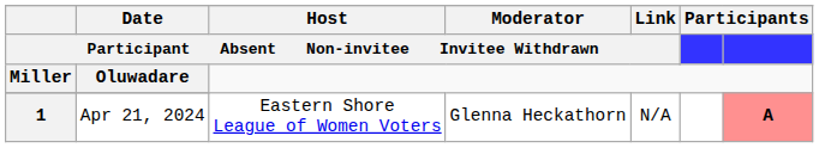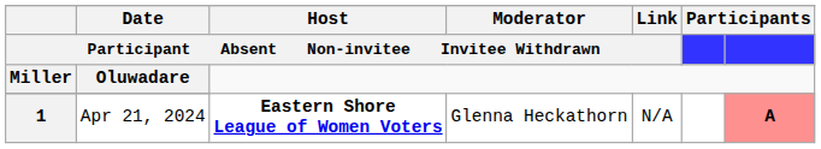 <table class="wikitable mw-collapsible" style="text-align:center;">
 <tr>
 </tr>
 <tr style="font-size:small;">
 <th scope="col"></th>
 <th scope="col">Date</th>
 <th scope="col">Host</th>
 <th scope="col">Moderator</th>
 <th scope="col">Link</th>
 <th scope="col" colspan="2">Participants</th>
 </tr>
 <tr>
 <th colspan="5" rowspan="2"> <small>Participant  </small> <small>Absent  </small> <small>Non-invitee  </small> <small>Invitee Withdrawn</small></th>
 <th scope="col" style="background:#3333FF;"></th>
 <th scope="col" style="background:#3333FF;"></th>
 </tr>
 <tr>
 </tr>
 <tr style="font-size:small;">
 <th scope="col">Miller</th>
 <th scope="col">Oluwadare</th>
 </tr>
 <tr>
 </tr>
 <tr style="background:#FFFFFF;font-size:small;">
 <th scope="row">1</th>
 <td style="white-space:nowrap;">Apr 21, 2024</td>
-<td style="white-space:nowrap;">Eastern Shore<br><a href='#'>League of Women Voters</a></td>
+<td style="white-space:nowrap;"><strong>Eastern Shore<br><a href='#'>League of Women Voters</a></strong></td>
 <td style="white-space:nowrap;">Glenna Heckathorn</td>
 <td style="white-space:nowrap;">N/A</td>
 <td></td>
 <td style="background:#ff9090; color:black; text-align:center;"><strong>A</strong></td>
 </tr>
 </table>
